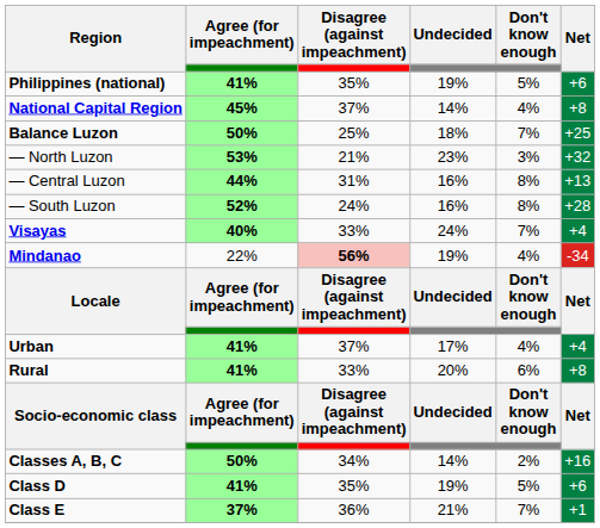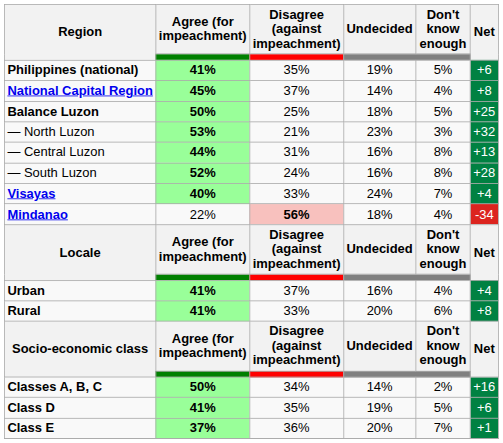 <table class="wikitable" style="text-align: center;">
 <tr>
 <th rowspan="2" scope="col">Region</th>
 <th style="width:60px">Agree (for impeachment)</th>
 <th style="width:60px">Disagree (against impeachment)</th>
 <th style="width:60px">Undecided</th>
 <th style="width:60px">Don't know enough</th>
 <th rowspan="2">Net</th>
 </tr>
 <tr>
 <th class="unsortable" style="color:inherit;background:green;width:60px;"></th>
 <th class="unsortable" style="color:inherit;background:red;width:60px;"></th>
 <th class="unsortable" colspan=2 style="background:grey;width:60px;"></th>
 </tr>
 <tr>
 <td align=left><strong>Philippines (national)</strong></td>
 <td style="background: rgb(153, 255, 153);"><strong>41%</strong></td>
 <td>35%</td>
 <td>19%</td>
 <td>5%</td>
 <td style="background: rgb(0, 129, 66); color: white;">+6</td>
 </tr>
 <tr>
 <td align=left><strong><a href='#'>National Capital Region</a></strong></td>
 <td style="background: rgb(153, 255, 153);"><strong>45%</strong></td>
 <td>37%</td>
 <td>14%</td>
 <td>4%</td>
 <td style="background: rgb(0, 129, 66); color: white;">+8</td>
 </tr>
 <tr>
 <td align=left><strong>Balance Luzon</strong></td>
 <td style="background: rgb(153, 255, 153);"><strong>50%</strong></td>
 <td>25%</td>
 <td>18%</td>
-<td>7%</td>
+<td>5%</td>
 <td style="background: rgb(0, 129, 66); color: white;">+25</td>
 </tr>
 <tr>
 <td align=left>— North Luzon</td>
 <td style="background: rgb(153, 255, 153);"><strong>53%</strong></td>
 <td>21%</td>
 <td>23%</td>
 <td>3%</td>
 <td style="background: rgb(0, 129, 66); color: white;">+32</td>
 </tr>
 <tr>
 <td align=left>— Central Luzon</td>
 <td style="background: rgb(153, 255, 153);"><strong>44%</strong></td>
 <td>31%</td>
 <td>16%</td>
 <td>8%</td>
 <td style="background: rgb(0, 129, 66); color: white;">+13</td>
 </tr>
 <tr>
 <td align=left>— South Luzon</td>
 <td style="background: rgb(153, 255, 153);"><strong>52%</strong></td>
 <td>24%</td>
 <td>16%</td>
 <td>8%</td>
 <td style="background: rgb(0, 129, 66); color: white;">+28</td>
 </tr>
 <tr>
 <td align=left><strong><a href='#'>Visayas</a></strong></td>
 <td style="background: rgb(153, 255, 153);"><strong>40%</strong></td>
 <td>33%</td>
 <td>24%</td>
 <td>7%</td>
 <td style="background: rgb(0, 129, 66); color: white;">+4</td>
 </tr>
 <tr>
 <td align=left><strong><a href='#'>Mindanao</a></strong></td>
 <td>22%</td>
 <td style="background: rgb(248, 193, 190);"><strong>56%</strong></td>
-<td>19%</td>
+<td>18%</td>
 <td>4%</td>
 <td style="background: rgb(220, 36, 31); color: white;">-34</td>
 </tr>
 <tr>
 <th rowspan="2" scope="col">Locale</th>
 <th style="width:60px">Agree (for impeachment)</th>
 <th style="width:60px">Disagree (against impeachment)</th>
 <th style="width:60px">Undecided</th>
 <th style="width:60px">Don't know enough</th>
 <th rowspan="2">Net</th>
 </tr>
 <tr>
 <th class="unsortable" style="color:inherit;background:green;width:60px;"></th>
 <th class="unsortable" style="color:inherit;background:red;width:60px;"></th>
 <th class="unsortable" colspan=2 style="background:grey;width:60px;"></th>
 </tr>
 <tr>
 <td align=left><strong>Urban</strong></td>
 <td style="background: rgb(153, 255, 153);"><strong>41%</strong></td>
 <td>37%</td>
-<td>17%</td>
+<td>16%</td>
 <td>4%</td>
 <td style="background: rgb(0, 129, 66); color: white;">+4</td>
 </tr>
 <tr>
 <td align=left><strong>Rural</strong></td>
 <td style="background: rgb(153, 255, 153);"><strong>41%</strong></td>
 <td>33%</td>
 <td>20%</td>
 <td>6%</td>
 <td style="background: rgb(0, 129, 66); color: white;">+8</td>
 </tr>
 <tr>
 <th rowspan="2" scope="col">Socio-economic class</th>
 <th style="width:60px">Agree (for impeachment)</th>
 <th style="width:60px">Disagree (against impeachment)</th>
 <th style="width:60px">Undecided</th>
 <th style="width:60px">Don't know enough</th>
 <th rowspan="2">Net</th>
 </tr>
 <tr>
 <th class="unsortable" style="color:inherit;background:green;width:60px;"></th>
 <th class="unsortable" style="color:inherit;background:red;width:60px;"></th>
 <th class="unsortable" colspan=2 style="background:grey;width:60px;"></th>
 </tr>
 <tr>
 <td align=left><strong>Classes A, B, C</strong></td>
 <td style="background: rgb(153, 255, 153);"><strong>50%</strong></td>
 <td>34%</td>
 <td>14%</td>
 <td>2%</td>
 <td style="background: rgb(0, 129, 66); color: white;">+16</td>
 </tr>
 <tr>
 <td align=left><strong>Class D</strong></td>
 <td style="background: rgb(153, 255, 153);"><strong>41%</strong></td>
 <td>35%</td>
 <td>19%</td>
 <td>5%</td>
 <td style="background: rgb(0, 129, 66); color: white;">+6</td>
 </tr>
 <tr>
 <td align=left><strong>Class E</strong></td>
 <td style="background: rgb(153, 255, 153);"><strong>37%</strong></td>
 <td>36%</td>
-<td>21%</td>
+<td>20%</td>
 <td>7%</td>
 <td style="background: rgb(0, 129, 66); color: white;">+1</td>
 </tr>
 <tr>
 </tr>
 </table>
